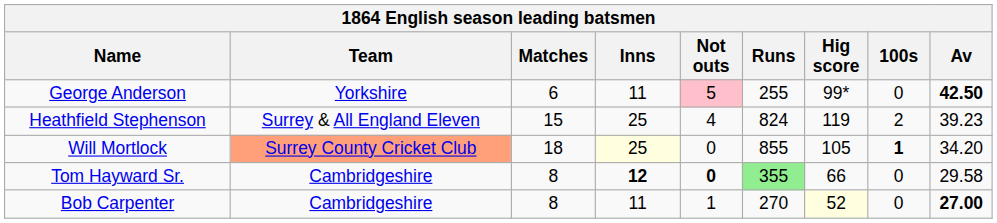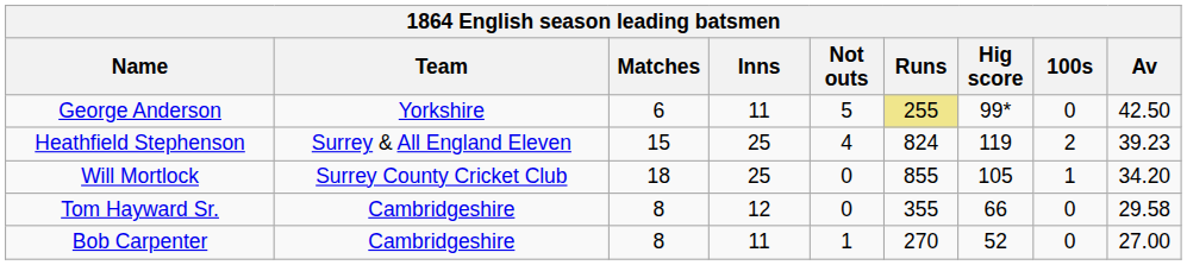 <table class="wikitable" style="text-align:center;">
 <tr>
 <th bgcolor="#efefef" colspan="10">1864 English season leading batsmen</th>
 </tr>
 <tr bgcolor="#efefef">
 <th width=200>Name</th>
 <th width=250>Team</th>
 <th width=70>Matches</th>
 <th width=70>Inns</th>
 <th width=50>Not outs</th>
 <th width=50>Runs</th>
 <th width=50>Hig score</th>
 <th width=50>100s</th>
 <th width=50>Av</th>
 </tr>
 <tr>
 <td><a href='#'>George Anderson</a></td>
 <td><a href='#'>Yorkshire</a></td>
 <td>6</td>
 <td>11</td>
-<td style="background: pink;">5</td>
-<td>255</td>
+<td>5</td>
+<td style="background: khaki;">255</td>
 <td>99*</td>
 <td>0</td>
-<td><strong>42.50</strong></td>
+<td>42.50</td>
 </tr>
 <tr>
 <td><a href='#'>Heathfield Stephenson</a></td>
 <td><a href='#'>Surrey</a> & <a href='#'>All England Eleven</a></td>
 <td>15</td>
 <td>25</td>
 <td>4</td>
 <td>824</td>
 <td>119</td>
 <td>2</td>
 <td>39.23</td>
 </tr>
 <tr>
 <td><a href='#'>Will Mortlock</a></td>
-<td style="background: lightsalmon;"><a href='#'>Surrey County Cricket Club</a></td>
+<td><a href='#'>Surrey County Cricket Club</a></td>
 <td>18</td>
-<td style="background: lightyellow;">25</td>
+<td>25</td>
 <td>0</td>
 <td>855</td>
 <td>105</td>
-<td><strong>1</strong></td>
+<td>1</td>
 <td>34.20</td>
 </tr>
 <tr>
 <td><a href='#'>Tom Hayward Sr.</a></td>
 <td><a href='#'>Cambridgeshire</a></td>
 <td>8</td>
-<td><strong>12</strong></td>
-<td><strong>0</strong></td>
-<td style="background: lightgreen;">355</td>
+<td>12</td>
+<td>0</td>
+<td>355</td>
 <td>66</td>
 <td>0</td>
 <td>29.58</td>
 </tr>
 <tr>
 <td><a href='#'>Bob Carpenter</a></td>
 <td><a href='#'>Cambridgeshire</a></td>
 <td>8</td>
 <td>11</td>
 <td>1</td>
 <td>270</td>
-<td style="background: lightyellow;">52</td>
+<td>52</td>
 <td>0</td>
-<td><strong>27.00</strong></td>
+<td>27.00</td>
 </tr>
 </table>
